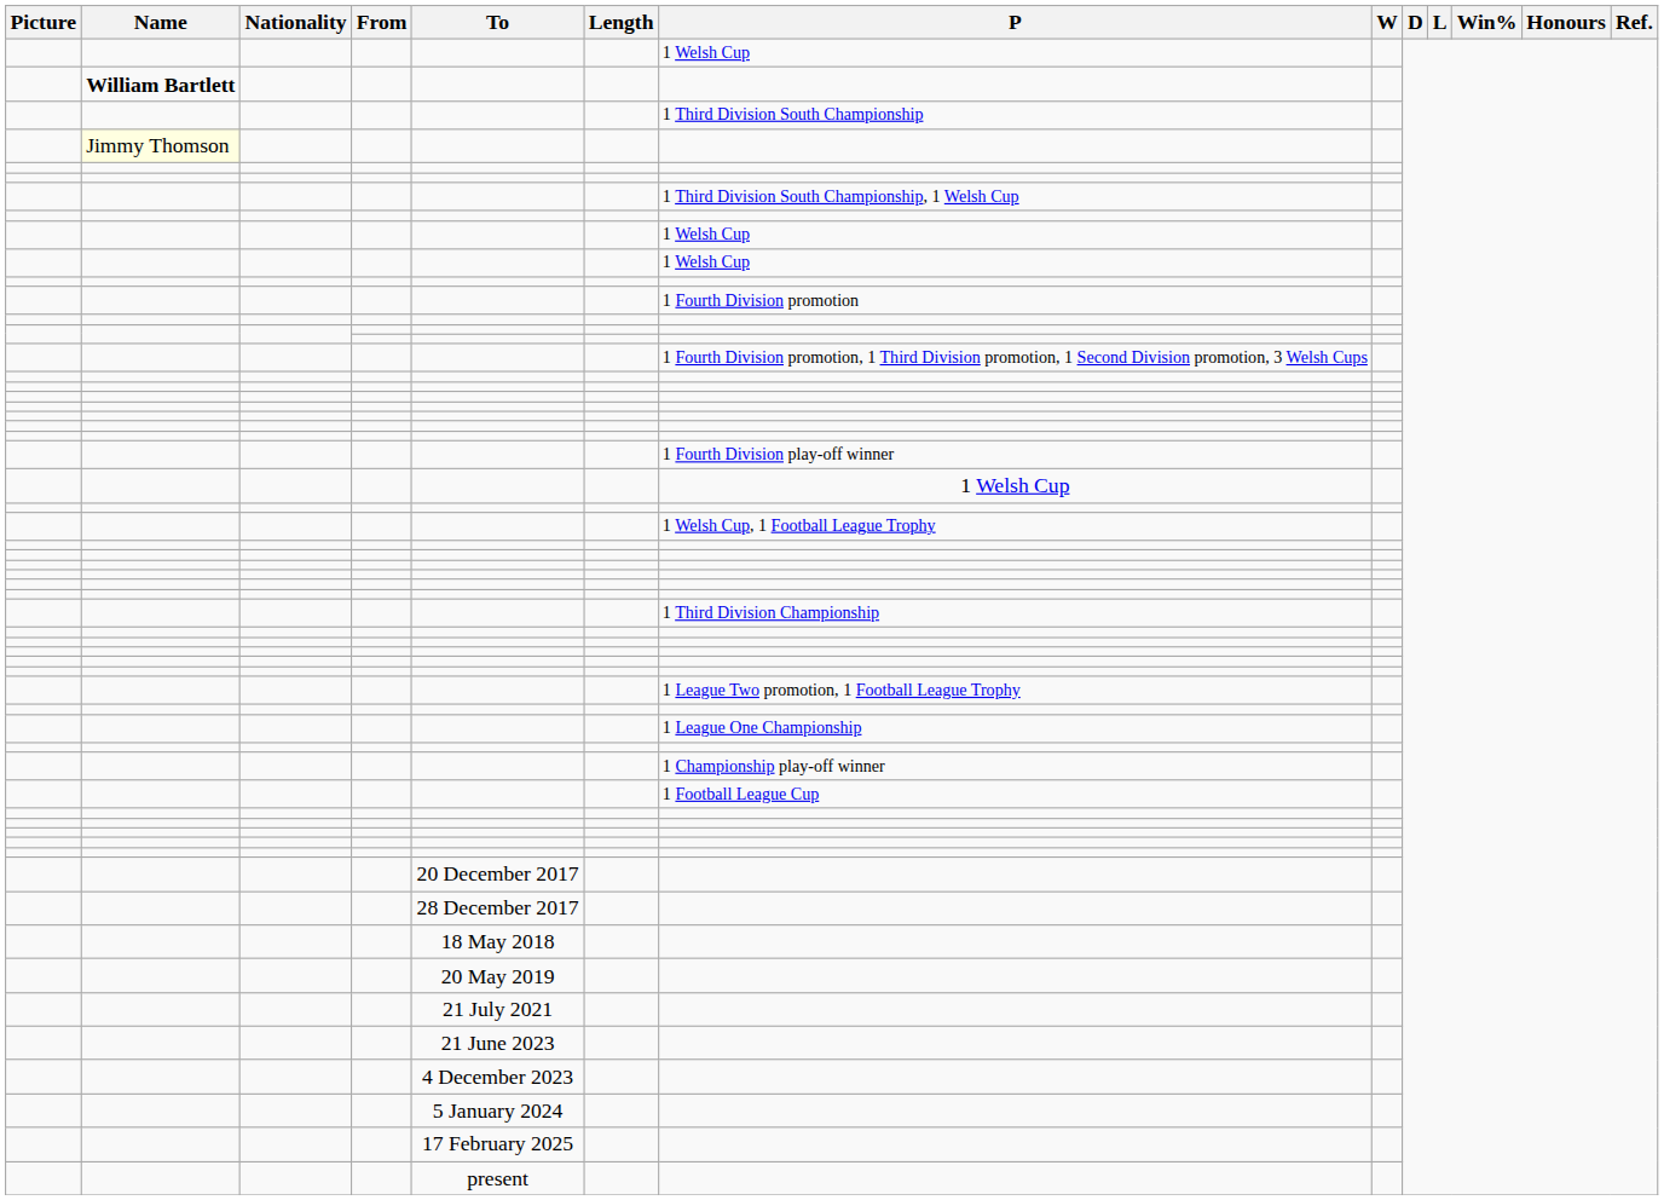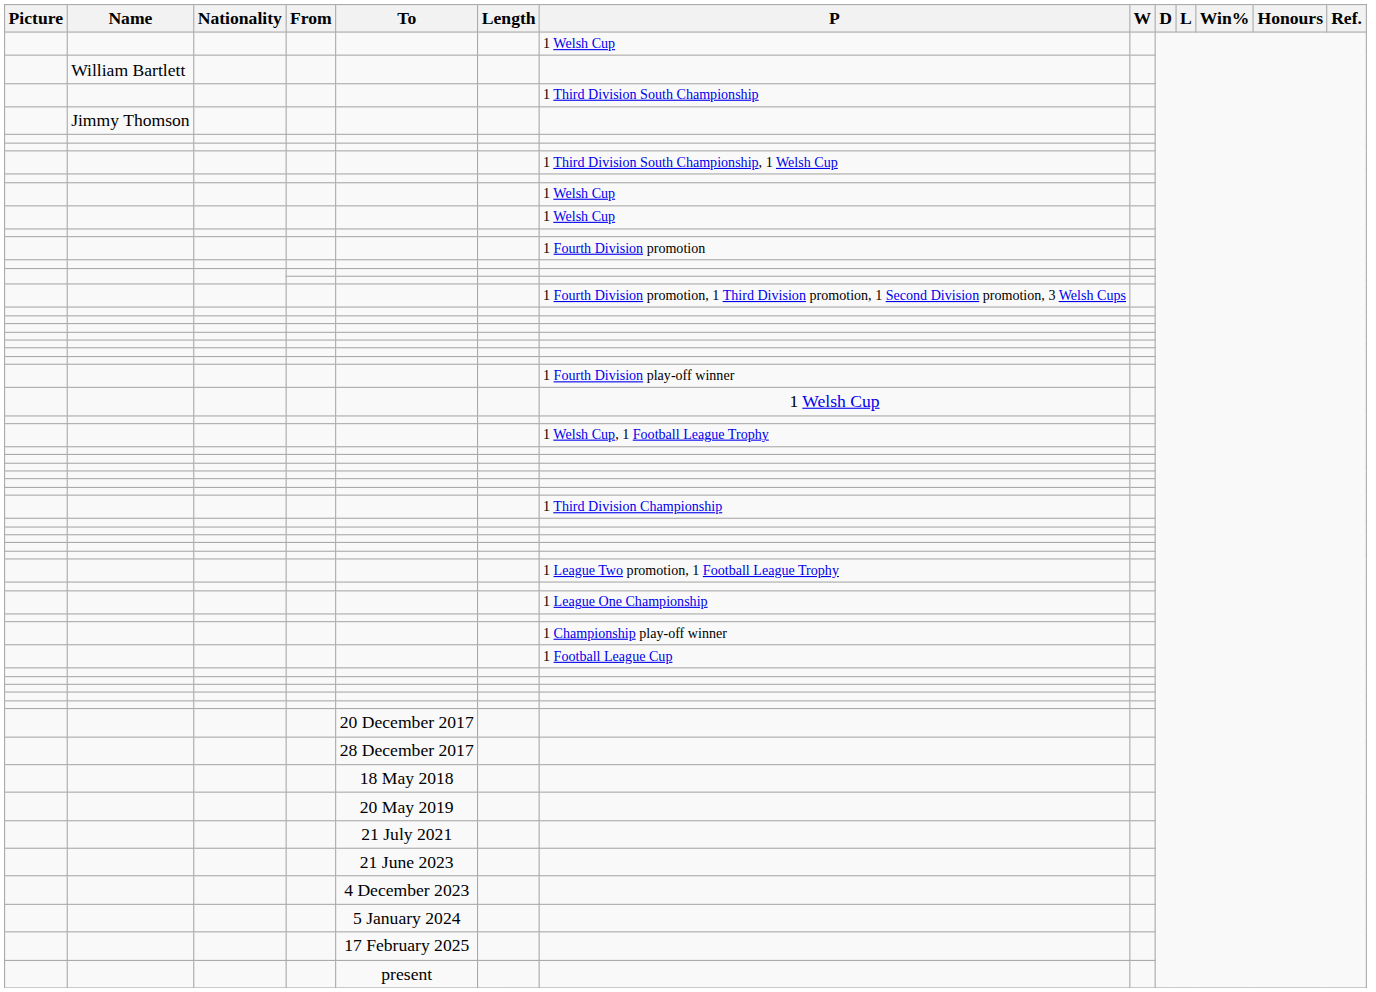 <table class="wikitable sortable" style="text-align: center">
 <tr>
 <th>Picture</th>
 <th>Name</th>
 <th>Nationality</th>
 <th>From</th>
 <th>To</th>
 <th>Length</th>
 <th>P</th>
 <th>W</th>
 <th>D</th>
 <th>L</th>
 <th>Win%</th>
 <th>Honours</th>
 <th>Ref.</th>
 </tr>
 <tr>
 <td></td>
 <td align="left"></td>
 <td align="left"></td>
 <td></td>
 <td></td>
 <td></td>
 <td align=left style="font-size: 80%">1 <a href='#'>Welsh Cup</a></td>
 <td></td>
 </tr>
 <tr>
 <td></td>
-<td align="left"><strong>William Bartlett</strong></td>
+<td align="left">William Bartlett</td>
 <td align="left"></td>
 <td></td>
 <td></td>
 <td></td>
 <td></td>
 <td></td>
 </tr>
 <tr>
 <td></td>
 <td align="left"></td>
 <td align="left"></td>
 <td></td>
 <td></td>
 <td></td>
 <td align=left style="font-size: 80%">1 <a href='#'>Third Division South Championship</a></td>
 <td></td>
 </tr>
 <tr>
 <td></td>
-<td align="left" style="background: lightyellow;">Jimmy Thomson</td>
+<td align="left">Jimmy Thomson</td>
 <td align="left"></td>
 <td></td>
 <td></td>
 <td></td>
 <td></td>
 <td></td>
 </tr>
 <tr>
 <td></td>
 <td align="left"></td>
 <td align="left"></td>
 <td></td>
 <td></td>
 <td></td>
 <td></td>
 <td></td>
 </tr>
 <tr>
 <td></td>
 <td align="left"></td>
 <td align="left"></td>
 <td></td>
 <td></td>
 <td></td>
 <td></td>
 <td></td>
 </tr>
 <tr>
 <td></td>
 <td align="left"></td>
 <td align="left"></td>
 <td></td>
 <td></td>
 <td></td>
 <td align=left style="font-size: 80%">1 <a href='#'>Third Division South Championship</a>, 1 <a href='#'>Welsh Cup</a></td>
 <td></td>
 </tr>
 <tr>
 <td></td>
 <td align="left"></td>
 <td align="left"></td>
 <td></td>
 <td></td>
 <td></td>
 <td></td>
 <td></td>
 </tr>
 <tr>
 <td></td>
 <td align="left"></td>
 <td align="left"></td>
 <td></td>
 <td></td>
 <td></td>
 <td align=left style="font-size: 80%">1 <a href='#'>Welsh Cup</a></td>
 <td></td>
 </tr>
 <tr>
 <td></td>
 <td align="left"></td>
 <td align="left"></td>
 <td></td>
 <td></td>
 <td></td>
 <td align=left style="font-size: 80%">1 <a href='#'>Welsh Cup</a></td>
 <td></td>
 </tr>
 <tr>
 <td></td>
 <td align="left"></td>
 <td align="left"></td>
 <td></td>
 <td></td>
 <td></td>
 <td></td>
 <td></td>
 </tr>
 <tr>
 <td></td>
 <td align="left"></td>
 <td align="left"></td>
 <td></td>
 <td></td>
 <td></td>
 <td align=left style="font-size: 80%">1 <a href='#'>Fourth Division</a> promotion</td>
 <td></td>
 </tr>
 <tr>
 <td></td>
 <td align="left"></td>
 <td align="left"></td>
 <td></td>
 <td></td>
 <td></td>
 <td></td>
 <td></td>
 </tr>
 <tr>
 <td rowspan="2"></td>
 <td align="left" rowspan="2"></td>
 <td align="left" rowspan="2"></td>
 <td></td>
 <td></td>
 <td></td>
 <td></td>
 <td></td>
 </tr>
 <tr>
 <td></td>
 <td></td>
 <td></td>
 <td></td>
 <td></td>
 </tr>
 <tr>
 <td align=center></td>
 <td align="left"></td>
 <td align="left"></td>
 <td></td>
 <td></td>
 <td></td>
 <td align=left style="font-size: 80%">1 <a href='#'>Fourth Division</a> promotion, 1 <a href='#'>Third Division</a> promotion, 1 <a href='#'>Second Division</a> promotion, 3 <a href='#'>Welsh Cups</a></td>
 <td></td>
 </tr>
 <tr>
 <td></td>
 <td align="left"></td>
 <td align="left"></td>
 <td></td>
 <td></td>
 <td></td>
 <td></td>
 <td></td>
 </tr>
 <tr>
 <td align=center></td>
 <td align="left"></td>
 <td align="left"></td>
 <td></td>
 <td></td>
 <td></td>
 <td></td>
 <td></td>
 </tr>
 <tr>
 <td></td>
 <td align="left"></td>
 <td align="left"></td>
 <td></td>
 <td></td>
 <td></td>
 <td></td>
 <td></td>
 </tr>
 <tr>
 <td></td>
 <td align="left"></td>
 <td align="left"></td>
 <td></td>
 <td></td>
 <td></td>
 <td></td>
 <td></td>
 </tr>
 <tr>
 <td></td>
 <td align="left"></td>
 <td align="left"></td>
 <td></td>
 <td></td>
 <td></td>
 <td></td>
 <td></td>
 </tr>
 <tr>
 <td></td>
 <td align="left"></td>
 <td align="left"></td>
 <td></td>
 <td></td>
 <td></td>
 <td></td>
 <td></td>
 </tr>
 <tr>
 <td></td>
 <td align="left"></td>
 <td align="left"></td>
 <td></td>
 <td></td>
 <td></td>
 <td></td>
 <td></td>
 </tr>
 <tr>
 <td align=center></td>
 <td align="left"></td>
 <td align="left"></td>
 <td></td>
 <td></td>
 <td></td>
 <td align=left style="font-size: 80%">1 <a href='#'>Fourth Division</a> play-off winner</td>
 <td></td>
 </tr>
 <tr>
 <td></td>
 <td align="left"></td>
 <td align="left"></td>
 <td></td>
 <td></td>
 <td></td>
 <td>1 <a href='#'>Welsh Cup</a></td>
 <td></td>
 </tr>
 <tr>
 <td align=center></td>
 <td align="left"></td>
 <td align="left"></td>
 <td></td>
 <td></td>
 <td></td>
 <td></td>
 <td></td>
 </tr>
 <tr>
 <td></td>
 <td align="left"></td>
 <td align="left"></td>
 <td></td>
 <td></td>
 <td></td>
 <td align=left style="font-size: 80%">1 <a href='#'>Welsh Cup</a>, 1 <a href='#'>Football League Trophy</a></td>
 <td></td>
 </tr>
 <tr>
 <td></td>
 <td align="left"></td>
 <td align="left"></td>
 <td></td>
 <td></td>
 <td></td>
 <td></td>
 <td></td>
 </tr>
 <tr>
 <td></td>
 <td align="left"></td>
 <td align="left"></td>
 <td></td>
 <td></td>
 <td></td>
 <td></td>
 <td></td>
 </tr>
 <tr>
 <td></td>
 <td align="left"></td>
 <td align="left"></td>
 <td></td>
 <td></td>
 <td></td>
 <td></td>
 <td></td>
 </tr>
 <tr>
 <td align=center></td>
 <td align="left"></td>
 <td align="left"></td>
 <td></td>
 <td></td>
 <td></td>
 <td></td>
 <td></td>
 </tr>
 <tr>
 <td align=center></td>
 <td align="left"></td>
 <td align="left"></td>
 <td></td>
 <td></td>
 <td></td>
 <td></td>
 <td></td>
 </tr>
 <tr>
 <td></td>
 <td align="left"></td>
 <td align="left"></td>
 <td></td>
 <td></td>
 <td></td>
 <td></td>
 <td></td>
 </tr>
 <tr>
 <td></td>
 <td align="left"></td>
 <td align="left"></td>
 <td></td>
 <td></td>
 <td></td>
 <td align=left style="font-size: 80%">1 <a href='#'>Third Division Championship</a></td>
 <td></td>
 </tr>
 <tr>
 <td></td>
 <td align="left"></td>
 <td align="left"></td>
 <td></td>
 <td></td>
 <td></td>
 <td></td>
 <td></td>
 </tr>
 <tr>
 <td></td>
 <td align="left"></td>
 <td align="left"></td>
 <td></td>
 <td></td>
 <td></td>
 <td></td>
 <td></td>
 </tr>
 <tr>
 <td></td>
 <td align="left"></td>
 <td align="left"></td>
 <td></td>
 <td></td>
 <td></td>
 <td></td>
 <td></td>
 </tr>
 <tr>
 <td></td>
 <td align="left"></td>
 <td align="left"></td>
 <td></td>
 <td></td>
 <td></td>
 <td></td>
 <td></td>
 </tr>
 <tr>
 <td></td>
 <td align="left"></td>
 <td align="left"></td>
 <td></td>
 <td></td>
 <td></td>
 <td></td>
 <td></td>
 </tr>
 <tr>
 <td align=center></td>
 <td align="left"></td>
 <td align="left"></td>
 <td></td>
 <td></td>
 <td></td>
 <td align=left style="font-size: 80%">1 <a href='#'>League Two</a> promotion, 1 <a href='#'>Football League Trophy</a></td>
 <td></td>
 </tr>
 <tr>
 <td align=center></td>
 <td align="left"></td>
 <td align="left"></td>
 <td></td>
 <td></td>
 <td></td>
 <td></td>
 <td></td>
 </tr>
 <tr>
 <td align=center></td>
 <td align="left"></td>
 <td align="left"></td>
 <td></td>
 <td></td>
 <td></td>
 <td align=left style="font-size: 80%">1 <a href='#'>League One Championship</a></td>
 <td></td>
 </tr>
 <tr>
 <td align=center></td>
 <td align="left"></td>
 <td align="left"></td>
 <td></td>
 <td></td>
 <td></td>
 <td></td>
 <td></td>
 </tr>
 <tr>
 <td align=center></td>
 <td align="left"></td>
 <td align="left"></td>
 <td></td>
 <td></td>
 <td></td>
 <td align=left style="font-size: 80%">1 <a href='#'>Championship</a> play-off winner</td>
 <td></td>
 </tr>
 <tr>
 <td align=center></td>
 <td align="left"></td>
 <td align="left"></td>
 <td></td>
 <td></td>
 <td></td>
 <td align=left style="font-size: 80%">1 <a href='#'>Football League Cup</a></td>
 <td></td>
 </tr>
 <tr>
 <td align="center"></td>
 <td align="left"></td>
 <td align="left"></td>
 <td></td>
 <td></td>
 <td></td>
 <td></td>
 <td></td>
 </tr>
 <tr>
 <td></td>
 <td align="left"></td>
 <td align="left"></td>
 <td></td>
 <td></td>
 <td></td>
 <td></td>
 <td></td>
 </tr>
 <tr>
 <td align="center"></td>
 <td align="left"></td>
 <td align="left"></td>
 <td></td>
 <td></td>
 <td></td>
 <td></td>
 <td></td>
 </tr>
 <tr>
 <td align="center"></td>
 <td align="left"></td>
 <td align="left"></td>
 <td></td>
 <td></td>
 <td></td>
 <td></td>
 <td></td>
 </tr>
 <tr>
 <td></td>
 <td align="left"></td>
 <td align="left"></td>
 <td></td>
 <td></td>
 <td></td>
 <td></td>
 <td></td>
 </tr>
 <tr>
 <td align="center"></td>
 <td align="left"></td>
 <td align="left"></td>
 <td></td>
 <td>20 December 2017</td>
 <td></td>
 <td></td>
 <td></td>
 </tr>
 <tr>
 <td align="center"></td>
 <td align="left"></td>
 <td align="left"></td>
 <td></td>
 <td>28 December 2017</td>
 <td></td>
 <td></td>
 <td></td>
 </tr>
 <tr>
 <td align="center"></td>
 <td align="left"></td>
 <td align="left"></td>
 <td></td>
 <td>18 May 2018</td>
 <td></td>
 <td></td>
 <td></td>
 </tr>
 <tr>
 <td align="center"></td>
 <td align="left"></td>
 <td align="left"></td>
 <td></td>
 <td>20 May 2019</td>
 <td></td>
 <td></td>
 <td></td>
 </tr>
 <tr>
 <td align="center"></td>
 <td align="left"></td>
 <td align="left"></td>
 <td></td>
 <td>21 July 2021</td>
 <td></td>
 <td></td>
 <td></td>
 </tr>
 <tr>
 <td align="center"></td>
 <td align="left"></td>
 <td align="left"></td>
 <td></td>
 <td>21 June 2023</td>
 <td></td>
 <td></td>
 <td></td>
 </tr>
 <tr>
 <td align="center"></td>
 <td align="left"></td>
 <td align="left"></td>
 <td></td>
 <td>4 December 2023</td>
 <td></td>
 <td></td>
 <td></td>
 </tr>
 <tr>
 <td></td>
 <td align="left"></td>
 <td align="left"></td>
 <td></td>
 <td>5 January 2024</td>
 <td></td>
 <td></td>
 <td></td>
 </tr>
 <tr>
 <td align="center"></td>
 <td align="left"></td>
 <td align="left"></td>
 <td></td>
 <td>17 February 2025</td>
 <td></td>
 <td></td>
 <td></td>
 </tr>
 <tr>
 <td></td>
 <td align="left"></td>
 <td align="left"></td>
 <td></td>
 <td>present</td>
 <td></td>
 <td></td>
 <td></td>
 </tr>
 </table>
